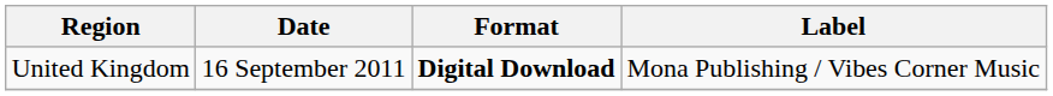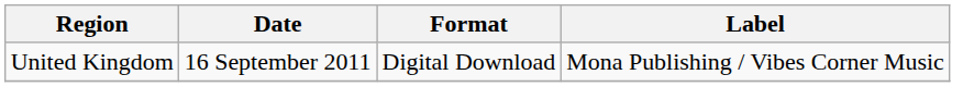 <table class=wikitable>
 <tr>
 <th>Region</th>
 <th>Date</th>
 <th>Format</th>
 <th>Label</th>
 </tr>
 <tr>
 <td>United Kingdom</td>
 <td>16 September 2011</td>
-<td><strong>Digital Download</strong></td>
+<td>Digital Download</td>
 <td>Mona Publishing / Vibes Corner Music</td>
 </tr>
 <tr>
 </tr>
 </table>
